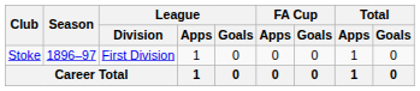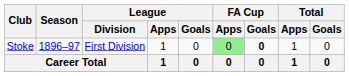 <table class="wikitable" style="text-align: center;">
 <tr>
 <th rowspan="2">Club</th>
 <th rowspan="2">Season</th>
 <th colspan="3">League</th>
 <th colspan="2">FA Cup</th>
 <th colspan="2">Total</th>
 </tr>
 <tr>
 <th>Division</th>
 <th>Apps</th>
 <th>Goals</th>
 <th>Apps</th>
 <th>Goals</th>
 <th>Apps</th>
 <th>Goals</th>
 </tr>
 <tr>
 <td><a href='#'>Stoke</a></td>
 <td><a href='#'>1896–97</a></td>
 <td><a href='#'>First Division</a></td>
 <td>1</td>
 <td>0</td>
-<td>0</td>
-<td>0</td>
+<td style="background: lightgreen;">0</td>
+<td><strong>0</strong></td>
 <td>1</td>
 <td>0</td>
 </tr>
 <tr>
 <th colspan="3">Career Total</th>
 <th>1</th>
 <th>0</th>
 <th>0</th>
 <th>0</th>
 <th>1</th>
 <th>0</th>
 </tr>
 </table>
